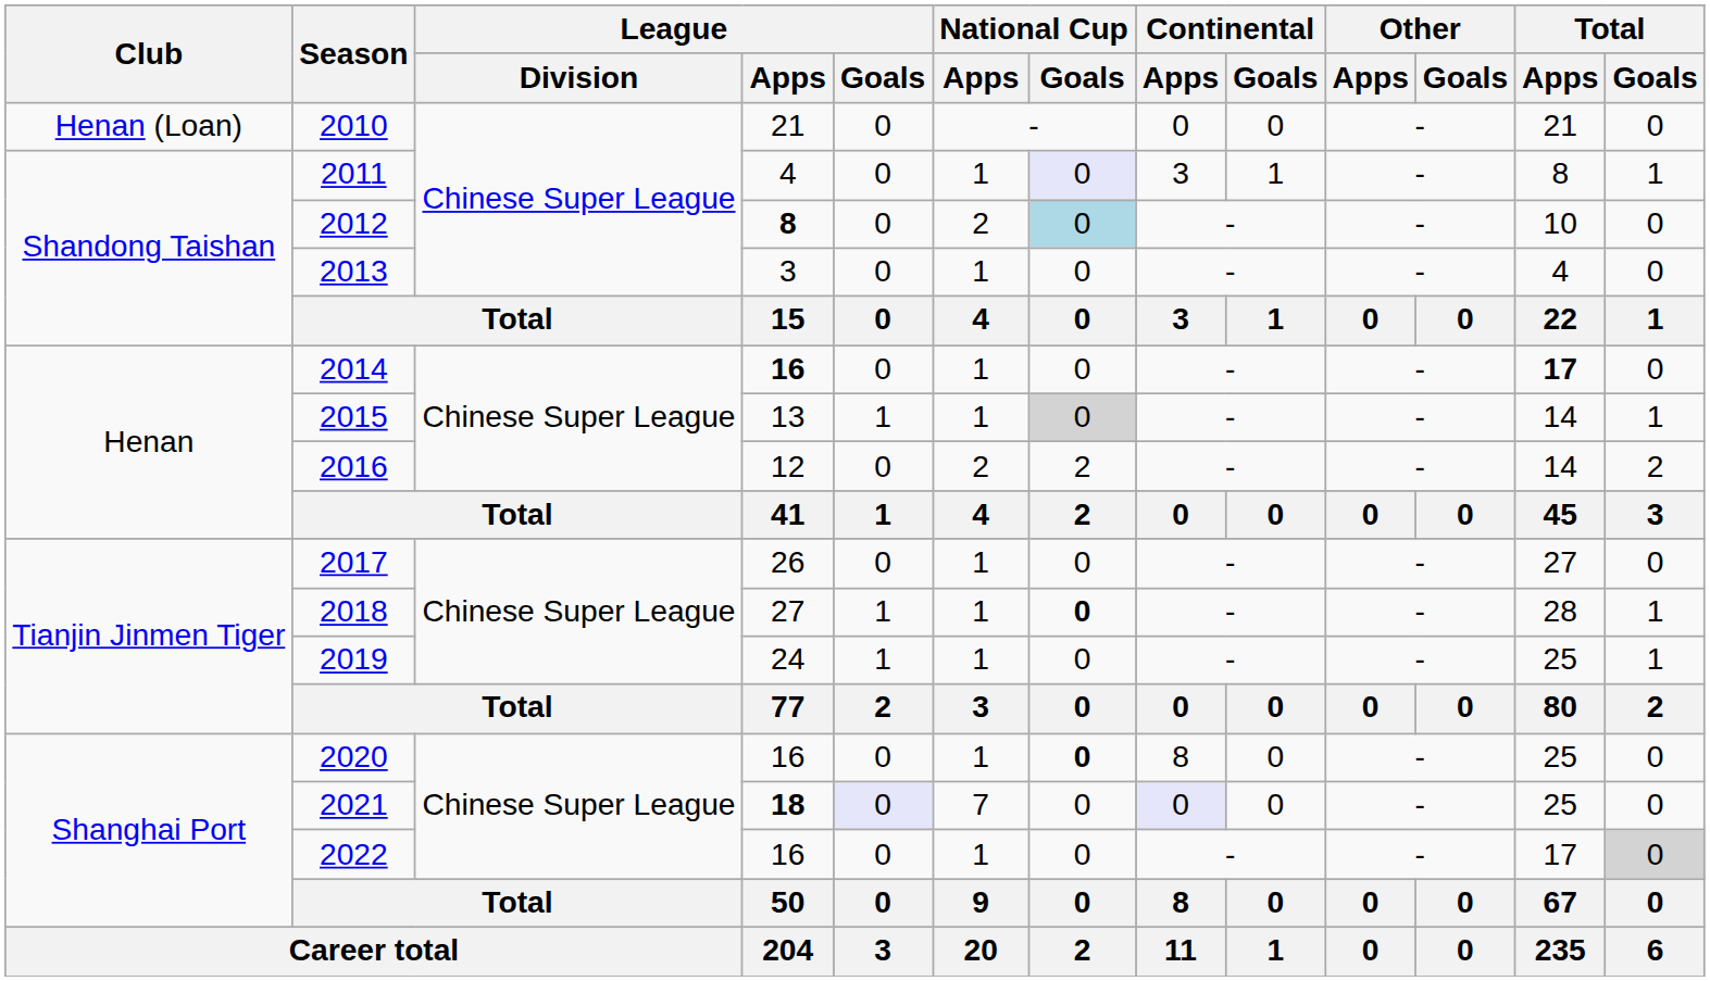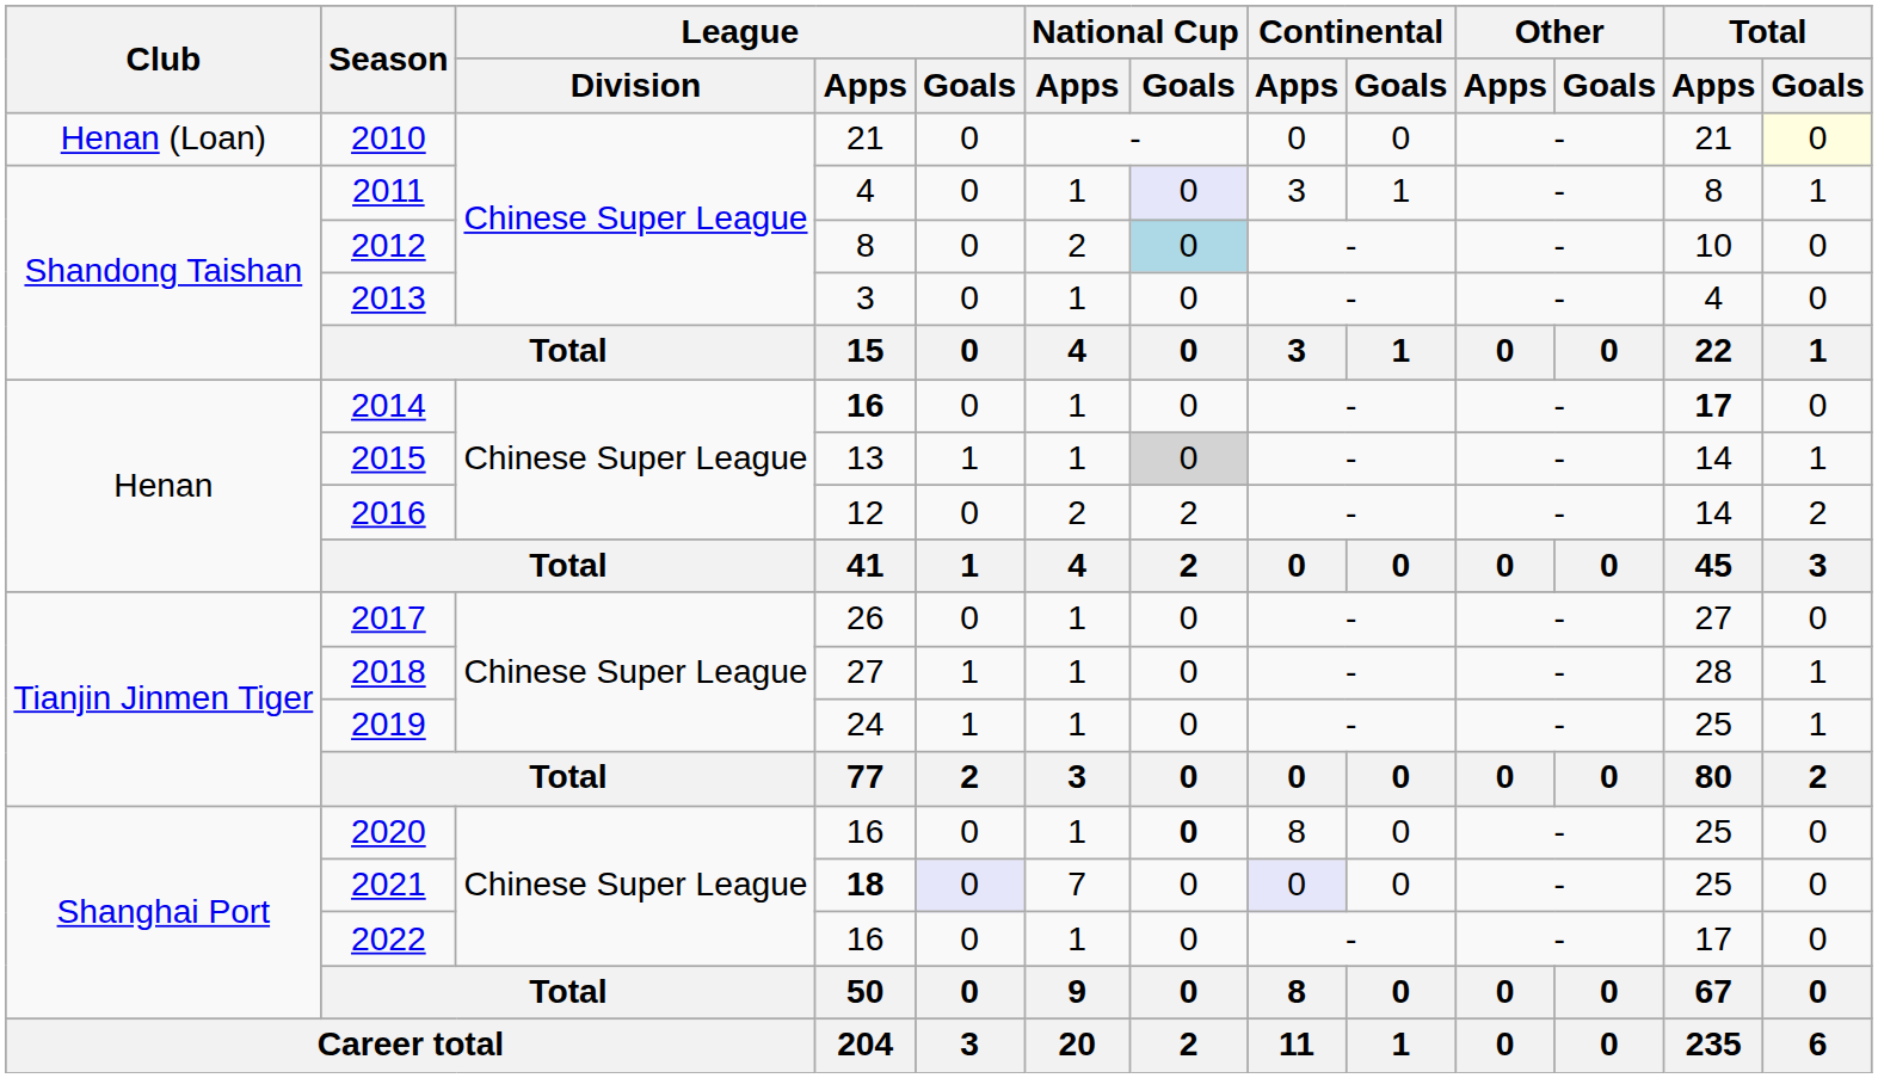 <table class="wikitable" style="text-align: center">
 <tr>
 <th rowspan="2">Club</th>
 <th rowspan="2">Season</th>
 <th colspan="3">League</th>
 <th colspan="2">National Cup</th>
 <th colspan="2">Continental</th>
 <th colspan="2">Other</th>
 <th colspan="2">Total</th>
 </tr>
 <tr>
 <th>Division</th>
 <th>Apps</th>
 <th>Goals</th>
 <th>Apps</th>
 <th>Goals</th>
 <th>Apps</th>
 <th>Goals</th>
 <th>Apps</th>
 <th>Goals</th>
 <th>Apps</th>
 <th>Goals</th>
 </tr>
 <tr>
 <td><a href='#'>Henan</a> (Loan)</td>
 <td><a href='#'>2010</a></td>
 <td rowspan=4><a href='#'>Chinese Super League</a></td>
 <td>21</td>
 <td>0</td>
 <td colspan="2">-</td>
 <td>0</td>
 <td>0</td>
 <td colspan="2">-</td>
 <td>21</td>
-<td>0</td>
+<td style="background: lightyellow;">0</td>
 </tr>
 <tr>
 <td rowspan=4><a href='#'>Shandong Taishan</a></td>
 <td><a href='#'>2011</a></td>
 <td>4</td>
 <td>0</td>
 <td>1</td>
 <td style="background: lavender;">0</td>
 <td>3</td>
 <td>1</td>
 <td colspan="2">-</td>
 <td>8</td>
 <td>1</td>
 </tr>
 <tr>
 <td><a href='#'>2012</a></td>
-<td><strong>8</strong></td>
+<td>8</td>
 <td>0</td>
 <td>2</td>
 <td style="background: lightblue;">0</td>
 <td colspan="2">-</td>
 <td colspan="2">-</td>
 <td>10</td>
 <td>0</td>
 </tr>
 <tr>
 <td><a href='#'>2013</a></td>
 <td>3</td>
 <td>0</td>
 <td>1</td>
 <td>0</td>
 <td colspan="2">-</td>
 <td colspan="2">-</td>
 <td>4</td>
 <td>0</td>
 </tr>
 <tr>
 <th colspan=2>Total</th>
 <th>15</th>
 <th>0</th>
 <th>4</th>
 <th>0</th>
 <th>3</th>
 <th>1</th>
 <th>0</th>
 <th>0</th>
 <th>22</th>
 <th>1</th>
 </tr>
 <tr>
 <td rowspan=4>Henan</td>
 <td><a href='#'>2014</a></td>
 <td rowspan=3>Chinese Super League</td>
 <td><strong>16</strong></td>
 <td>0</td>
 <td>1</td>
 <td>0</td>
 <td colspan="2">-</td>
 <td colspan="2">-</td>
 <td><strong>17</strong></td>
 <td>0</td>
 </tr>
 <tr>
 <td><a href='#'>2015</a></td>
 <td>13</td>
 <td>1</td>
 <td>1</td>
 <td style="background: lightgrey;">0</td>
 <td colspan="2">-</td>
 <td colspan="2">-</td>
 <td>14</td>
 <td>1</td>
 </tr>
 <tr>
 <td><a href='#'>2016</a></td>
 <td>12</td>
 <td>0</td>
 <td>2</td>
 <td>2</td>
 <td colspan="2">-</td>
 <td colspan="2">-</td>
 <td>14</td>
 <td>2</td>
 </tr>
 <tr>
 <th colspan=2>Total</th>
 <th>41</th>
 <th>1</th>
 <th>4</th>
 <th>2</th>
 <th>0</th>
 <th>0</th>
 <th>0</th>
 <th>0</th>
 <th>45</th>
 <th>3</th>
 </tr>
 <tr>
 <td rowspan=4><a href='#'>Tianjin Jinmen Tiger</a></td>
 <td><a href='#'>2017</a></td>
 <td rowspan=3>Chinese Super League</td>
 <td>26</td>
 <td>0</td>
 <td>1</td>
 <td>0</td>
 <td colspan="2">-</td>
 <td colspan="2">-</td>
 <td>27</td>
 <td>0</td>
 </tr>
 <tr>
 <td><a href='#'>2018</a></td>
 <td>27</td>
 <td>1</td>
 <td>1</td>
-<td><strong>0</strong></td>
+<td>0</td>
 <td colspan="2">-</td>
 <td colspan="2">-</td>
 <td>28</td>
 <td>1</td>
 </tr>
 <tr>
 <td><a href='#'>2019</a></td>
 <td>24</td>
 <td>1</td>
 <td>1</td>
 <td>0</td>
 <td colspan="2">-</td>
 <td colspan="2">-</td>
 <td>25</td>
 <td>1</td>
 </tr>
 <tr>
 <th colspan=2>Total</th>
 <th>77</th>
 <th>2</th>
 <th>3</th>
 <th>0</th>
 <th>0</th>
 <th>0</th>
 <th>0</th>
 <th>0</th>
 <th>80</th>
 <th>2</th>
 </tr>
 <tr>
 <td rowspan=4><a href='#'>Shanghai Port</a></td>
 <td><a href='#'>2020</a></td>
 <td rowspan=3>Chinese Super League</td>
 <td>16</td>
 <td>0</td>
 <td>1</td>
 <td><strong>0</strong></td>
 <td>8</td>
 <td>0</td>
 <td colspan="2">-</td>
 <td>25</td>
 <td>0</td>
 </tr>
 <tr>
 <td><a href='#'>2021</a></td>
 <td><strong>18</strong></td>
 <td style="background: lavender;">0</td>
 <td>7</td>
 <td>0</td>
 <td style="background: lavender;">0</td>
 <td>0</td>
 <td colspan="2">-</td>
 <td>25</td>
 <td>0</td>
 </tr>
 <tr>
 <td><a href='#'>2022</a></td>
 <td>16</td>
 <td>0</td>
 <td>1</td>
 <td>0</td>
 <td colspan="2">-</td>
 <td colspan="2">-</td>
 <td>17</td>
-<td style="background: lightgrey;">0</td>
+<td>0</td>
 </tr>
 <tr>
 <th colspan=2>Total</th>
 <th>50</th>
 <th>0</th>
 <th>9</th>
 <th>0</th>
 <th>8</th>
 <th>0</th>
 <th>0</th>
 <th>0</th>
 <th>67</th>
 <th>0</th>
 </tr>
 <tr>
 <th colspan=3>Career total</th>
 <th>204</th>
 <th>3</th>
 <th>20</th>
 <th>2</th>
 <th>11</th>
 <th>1</th>
 <th>0</th>
 <th>0</th>
 <th>235</th>
 <th>6</th>
 </tr>
 </table>
